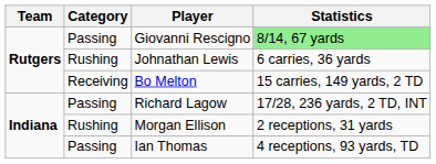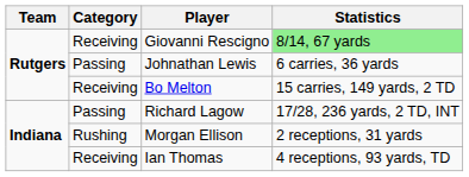 <table class="wikitable" style="float: right;">
 <tr>
 <th>Team</th>
 <th>Category</th>
 <th>Player</th>
 <th>Statistics</th>
 </tr>
 <tr>
 <td rowspan=3><strong>Rutgers</strong></td>
-<td>Passing</td>
+<td>Receiving</td>
 <td>Giovanni Rescigno</td>
 <td style="background: lightgreen;">8/14, 67 yards</td>
 </tr>
 <tr>
-<td>Rushing</td>
+<td>Passing</td>
 <td>Johnathan Lewis</td>
 <td>6 carries, 36 yards</td>
 </tr>
 <tr>
 <td>Receiving</td>
 <td><a href='#'>Bo Melton</a></td>
 <td>15 carries, 149 yards, 2 TD</td>
 </tr>
 <tr>
 <td rowspan=3><strong>Indiana</strong></td>
 <td>Passing</td>
 <td>Richard Lagow</td>
 <td>17/28, 236 yards, 2 TD, INT</td>
 </tr>
 <tr>
 <td>Rushing</td>
 <td>Morgan Ellison</td>
 <td>2 receptions, 31 yards</td>
 </tr>
 <tr>
-<td>Passing</td>
+<td>Receiving</td>
 <td>Ian Thomas</td>
 <td>4 receptions, 93 yards, TD</td>
 </tr>
 </table>
